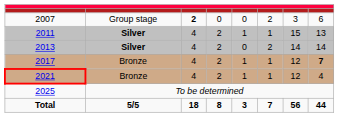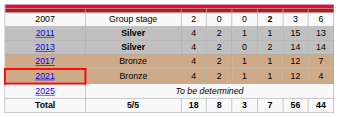 <table class="wikitable" style="text-align: center;font-size:90%;">
 <tr>
 <th style="background:#FF003F;" colspan=8></th>
 </tr>
 <tr>
 <th style="background:#B31B1B;" width=125></th>
 <th style="background:#B31B1B;" width=150></th>
 <th style="background:#B31B1B;" width=35></th>
 <th style="background:#B31B1B;" width=35></th>
 <th style="background:#B31B1B;" width=35></th>
 <th style="background:#B31B1B;" width=35></th>
 <th style="background:#B31B1B;" width=35></th>
 <th style="background:#B31B1B;" width=35></th>
 </tr>
 <tr bgcolor=>
 <td> 2007</td>
 <td>Group stage</td>
-<td><strong>2</strong></td>
+<td>2</td>
 <td>0</td>
 <td>0</td>
-<td>2</td>
+<td><strong>2</strong></td>
 <td>3</td>
 <td>6</td>
 </tr>
 <tr bgcolor=silver>
 <td> <a href='#'>2011</a></td>
 <td><strong>Silver</strong></td>
 <td>4</td>
 <td>2</td>
 <td>1</td>
 <td>1</td>
 <td>15</td>
 <td>13</td>
 </tr>
 <tr bgcolor=silver>
 <td> <a href='#'>2013</a></td>
 <td><strong>Silver</strong></td>
 <td>4</td>
 <td>2</td>
 <td>0</td>
 <td>2</td>
 <td>14</td>
 <td>14</td>
 </tr>
 <tr bgcolor=#CFAA88>
 <td> <a href='#'>2017</a></td>
 <td>Bronze</td>
 <td>4</td>
 <td>2</td>
 <td>1</td>
 <td>1</td>
 <td>12</td>
-<td><strong>7</strong></td>
+<td>7</td>
 </tr>
 <tr bgcolor=#CFAA88>
 <td style="border: 3px solid red"> <a href='#'>2021</a></td>
 <td>Bronze</td>
 <td>4</td>
 <td>2</td>
 <td>1</td>
 <td>1</td>
 <td>12</td>
 <td>4</td>
 </tr>
 <tr bgcolor=>
 <td> <a href='#'>2025</a></td>
 <td colspan=8 rowspan=1><em>To be determined</em></td>
 </tr>
 <tr>
 <td><strong>Total</strong></td>
 <td><strong>5/5</strong></td>
 <td><strong>18</strong></td>
 <td><strong>8</strong></td>
 <td><strong>3</strong></td>
 <td><strong>7</strong></td>
 <td><strong>56</strong></td>
 <td><strong>44</strong></td>
 </tr>
 </table>
